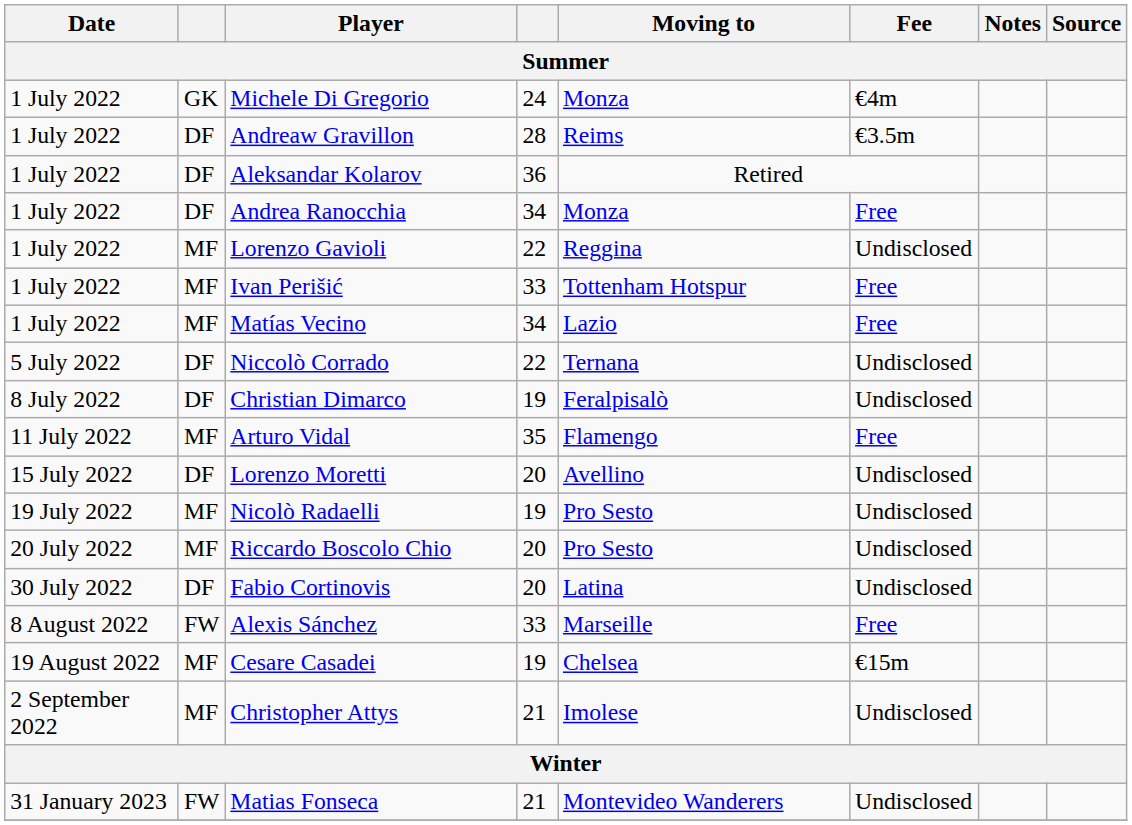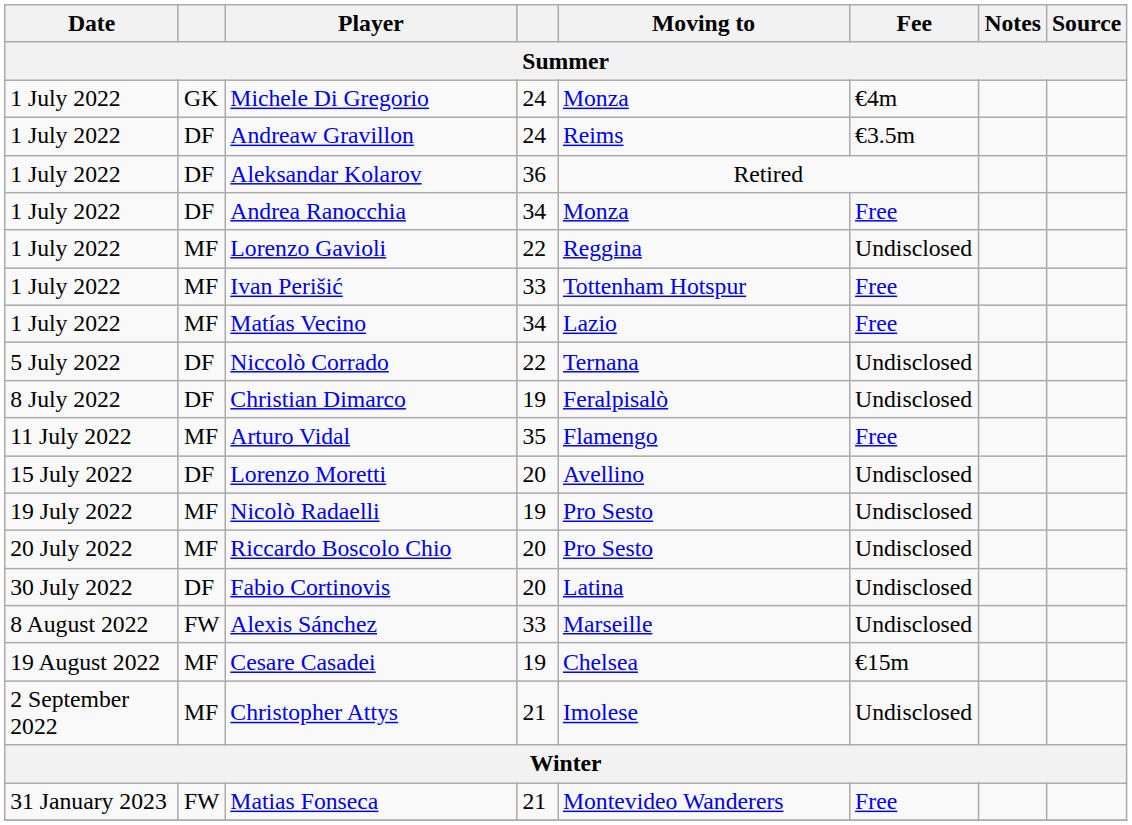 <table class="wikitable sortable">
 <tr>
 <th style="width:110px;">Date</th>
 <th style="width:20px;"></th>
 <th style="width:190px;">Player</th>
 <th style="width:20px;"></th>
 <th style="width:190px;">Moving to</th>
 <th style="width:80px;" class="unsortable">Fee</th>
 <th style="width:20px;" class="unsortable">Notes</th>
 <th style="width:20px;">Source</th>
 </tr>
 <tr>
 <th colspan=8>Summer</th>
 </tr>
 <tr>
 <td>1 July 2022</td>
 <td>GK</td>
 <td> <a href='#'>Michele Di Gregorio</a></td>
 <td>24</td>
 <td> <a href='#'>Monza</a></td>
 <td>€4m</td>
 <td></td>
 <td></td>
 </tr>
 <tr>
 <td>1 July 2022</td>
 <td>DF</td>
 <td> <a href='#'>Andreaw Gravillon</a></td>
-<td>28</td>
+<td>24</td>
 <td> <a href='#'>Reims</a></td>
 <td>€3.5m</td>
 <td></td>
 <td></td>
 </tr>
 <tr>
 <td>1 July 2022</td>
 <td>DF</td>
 <td> <a href='#'>Aleksandar Kolarov</a></td>
 <td>36</td>
 <td colspan=2; style="text-align:center">Retired</td>
 <td></td>
 <td></td>
 </tr>
 <tr>
 <td>1 July 2022</td>
 <td>DF</td>
 <td> <a href='#'>Andrea Ranocchia</a></td>
 <td>34</td>
 <td> <a href='#'>Monza</a></td>
 <td><a href='#'>Free</a></td>
 <td></td>
 <td></td>
 </tr>
 <tr>
 <td>1 July 2022</td>
 <td>MF</td>
 <td> <a href='#'>Lorenzo Gavioli</a></td>
 <td>22</td>
 <td> <a href='#'>Reggina</a></td>
 <td>Undisclosed</td>
 <td></td>
 <td></td>
 </tr>
 <tr>
 <td>1 July 2022</td>
 <td>MF</td>
 <td> <a href='#'>Ivan Perišić</a></td>
 <td>33</td>
 <td> <a href='#'>Tottenham Hotspur</a></td>
 <td><a href='#'>Free</a></td>
 <td></td>
 <td></td>
 </tr>
 <tr>
 <td>1 July 2022</td>
 <td>MF</td>
 <td> <a href='#'>Matías Vecino</a></td>
 <td>34</td>
 <td> <a href='#'>Lazio</a></td>
 <td><a href='#'>Free</a></td>
 <td></td>
 <td></td>
 </tr>
 <tr>
 <td>5 July 2022</td>
 <td>DF</td>
 <td> <a href='#'>Niccolò Corrado</a></td>
 <td>22</td>
 <td> <a href='#'>Ternana</a></td>
 <td>Undisclosed</td>
 <td></td>
 <td></td>
 </tr>
 <tr>
 <td>8 July 2022</td>
 <td>DF</td>
 <td> <a href='#'>Christian Dimarco</a></td>
 <td>19</td>
 <td> <a href='#'>Feralpisalò</a></td>
 <td>Undisclosed</td>
 <td></td>
 <td></td>
 </tr>
 <tr>
 <td>11 July 2022</td>
 <td>MF</td>
 <td> <a href='#'>Arturo Vidal</a></td>
 <td>35</td>
 <td> <a href='#'>Flamengo</a></td>
 <td><a href='#'>Free</a></td>
 <td></td>
 <td></td>
 </tr>
 <tr>
 <td>15 July 2022</td>
 <td>DF</td>
 <td> <a href='#'>Lorenzo Moretti</a></td>
 <td>20</td>
 <td> <a href='#'>Avellino</a></td>
 <td>Undisclosed</td>
 <td></td>
 <td></td>
 </tr>
 <tr>
 <td>19 July 2022</td>
 <td>MF</td>
 <td> <a href='#'>Nicolò Radaelli</a></td>
 <td>19</td>
 <td> <a href='#'>Pro Sesto</a></td>
 <td>Undisclosed</td>
 <td></td>
 <td></td>
 </tr>
 <tr>
 <td>20 July 2022</td>
 <td>MF</td>
 <td> <a href='#'>Riccardo Boscolo Chio</a></td>
 <td>20</td>
 <td> <a href='#'>Pro Sesto</a></td>
 <td>Undisclosed</td>
 <td></td>
 <td></td>
 </tr>
 <tr>
 <td>30 July 2022</td>
 <td>DF</td>
 <td> <a href='#'>Fabio Cortinovis</a></td>
 <td>20</td>
 <td> <a href='#'>Latina</a></td>
 <td>Undisclosed</td>
 <td></td>
 <td></td>
 </tr>
 <tr>
 <td>8 August 2022</td>
 <td>FW</td>
 <td> <a href='#'>Alexis Sánchez</a></td>
 <td>33</td>
 <td> <a href='#'>Marseille</a></td>
-<td><a href='#'>Free</a></td>
+<td>Undisclosed</td>
 <td></td>
 <td></td>
 </tr>
 <tr>
 <td>19 August 2022</td>
 <td>MF</td>
 <td> <a href='#'>Cesare Casadei</a></td>
 <td>19</td>
 <td> <a href='#'>Chelsea</a></td>
 <td>€15m</td>
 <td></td>
 <td></td>
 </tr>
 <tr>
 <td>2 September 2022</td>
 <td>MF</td>
 <td> <a href='#'>Christopher Attys</a></td>
 <td>21</td>
 <td> <a href='#'>Imolese</a></td>
 <td>Undisclosed</td>
 <td></td>
 <td></td>
 </tr>
 <tr>
 <th colspan=8>Winter</th>
 </tr>
 <tr>
 <td>31 January 2023</td>
 <td>FW</td>
 <td> <a href='#'>Matias Fonseca</a></td>
 <td>21</td>
 <td> <a href='#'>Montevideo Wanderers</a></td>
-<td>Undisclosed</td>
+<td><a href='#'>Free</a></td>
 <td></td>
 <td></td>
 </tr>
 <tr>
 </tr>
 </table>
